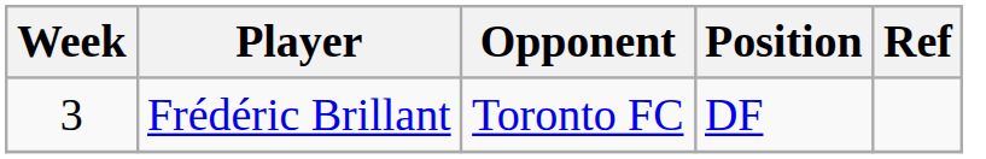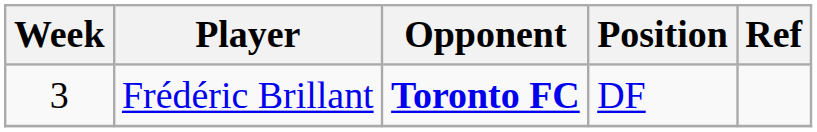 <table class=wikitable>
 <tr>
 <th>Week</th>
 <th>Player</th>
 <th>Opponent</th>
 <th>Position</th>
 <th>Ref</th>
 </tr>
 <tr>
 <td align=center rowspan="1">3</td>
 <td> <a href='#'>Frédéric Brillant</a></td>
-<td><a href='#'>Toronto FC</a></td>
+<td><strong><a href='#'>Toronto FC</a></strong></td>
 <td><a href='#'>DF</a></td>
 <td></td>
 </tr>
 <tr>
 </tr>
 </table>
